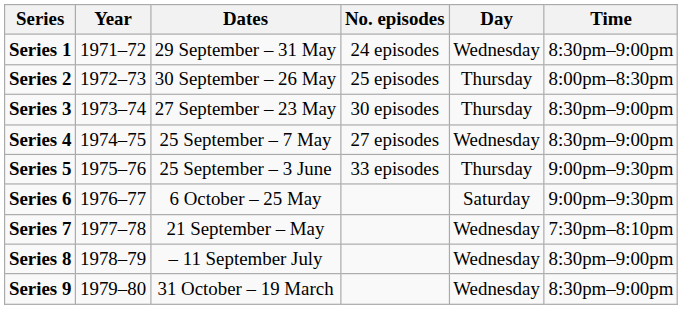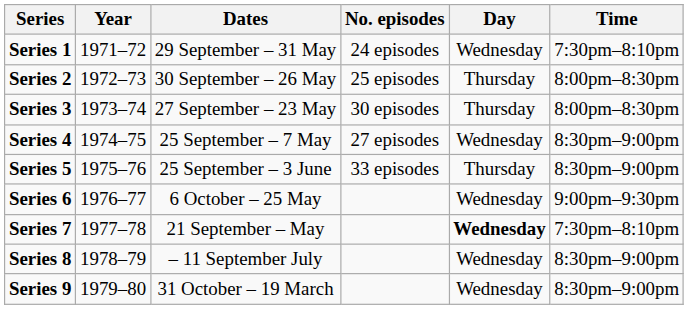 <table class="wikitable" style="left: 0 auto; text-align: center;">
 <tr>
 <th>Series</th>
 <th>Year</th>
 <th>Dates</th>
 <th>No. episodes</th>
 <th>Day</th>
 <th>Time</th>
 </tr>
 <tr>
 <td><strong>Series 1</strong></td>
 <td>1971–72</td>
 <td>29 September – 31 May</td>
 <td>24 episodes</td>
 <td>Wednesday</td>
-<td>8:30pm–9:00pm</td>
+<td>7:30pm–8:10pm</td>
 </tr>
 <tr>
 <td><strong>Series 2</strong></td>
 <td>1972–73</td>
 <td>30 September – 26 May</td>
 <td>25 episodes</td>
 <td>Thursday</td>
 <td>8:00pm–8:30pm</td>
 </tr>
 <tr>
 <td><strong>Series 3</strong></td>
 <td>1973–74</td>
 <td>27 September – 23 May</td>
 <td>30 episodes</td>
 <td>Thursday</td>
-<td>8:30pm–9:00pm</td>
+<td>8:00pm–8:30pm</td>
 </tr>
 <tr>
 <td><strong>Series 4</strong></td>
 <td>1974–75</td>
 <td>25 September – 7 May</td>
 <td>27 episodes</td>
 <td>Wednesday</td>
 <td>8:30pm–9:00pm</td>
 </tr>
 <tr>
 <td><strong>Series 5</strong></td>
 <td>1975–76</td>
 <td>25 September – 3 June</td>
 <td>33 episodes</td>
 <td>Thursday</td>
-<td>9:00pm–9:30pm</td>
+<td>8:30pm–9:00pm</td>
 </tr>
 <tr>
 <td><strong>Series 6</strong></td>
 <td>1976–77</td>
 <td>6 October – 25 May</td>
 <td></td>
-<td>Saturday</td>
+<td>Wednesday</td>
 <td>9:00pm–9:30pm</td>
 </tr>
 <tr>
 <td><strong>Series 7</strong></td>
 <td>1977–78</td>
 <td>21 September – May</td>
 <td></td>
-<td>Wednesday</td>
+<td><strong>Wednesday</strong></td>
 <td>7:30pm–8:10pm</td>
 </tr>
 <tr>
 <td><strong>Series 8</strong></td>
 <td>1978–79</td>
 <td>– 11 September July</td>
 <td></td>
 <td>Wednesday</td>
 <td>8:30pm–9:00pm</td>
 </tr>
 <tr>
 <td><strong>Series 9</strong></td>
 <td>1979–80</td>
 <td>31 October – 19 March</td>
 <td></td>
 <td>Wednesday</td>
 <td>8:30pm–9:00pm</td>
 </tr>
 </table>
